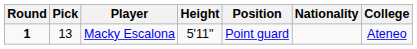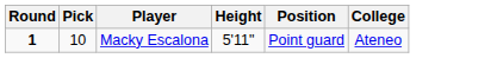 <table class="wikitable sortable sortable">
 <tr>
 <th>Round</th>
 <th>Pick</th>
 <th>Player</th>
 <th>Height</th>
 <th>Position</th>
-<th>Nationality</th>
 <th>College</th>
 </tr>
 <tr style="text-align: center">
 <td><strong>1</strong></td>
-<td>13</td>
+<td>10</td>
 <td><a href='#'>Macky Escalona</a></td>
 <td>5'11"</td>
 <td><a href='#'>Point guard</a></td>
-<td></td>
 <td><a href='#'>Ateneo</a></td>
 </tr>
 </table>
